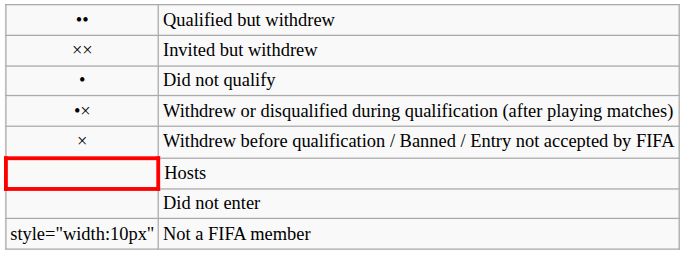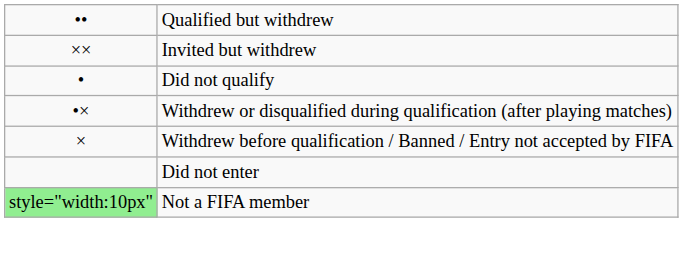 <table class="wikitable" style="font-size:90%">
 <tr>
 <td style="text-align:center;width:10px">••</td>
 <td>Qualified but withdrew</td>
 </tr>
 <tr>
 <td style="text-align:center;width:10px">××</td>
 <td>Invited but withdrew</td>
 </tr>
 <tr>
 <td style="text-align:center;width:10px">•</td>
 <td>Did not qualify</td>
 </tr>
 <tr>
 <td style="text-align:center;width:10px">•×</td>
 <td>Withdrew or disqualified during qualification (after playing matches)</td>
 </tr>
 <tr>
 <td style="text-align:center;width:10px">×</td>
 <td>Withdrew before qualification / Banned / Entry not accepted by FIFA</td>
 </tr>
 <tr>
-<td style="width:10px;border:3px solid red"></td>
-<td>Hosts</td>
-</tr>
-<tr>
 <td style="width:10px"></td>
 <td>Did not enter</td>
 </tr>
 <tr>
-<td>style="width:10px" </td>
+<td style="background: lightgreen;">style="width:10px" </td>
 <td>Not a FIFA member</td>
 </tr>
 </table>
